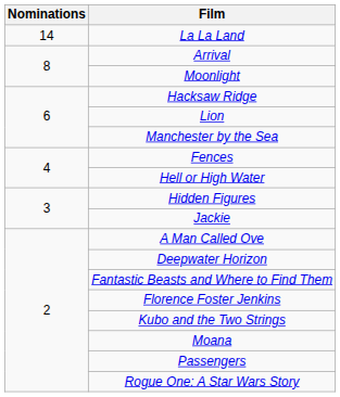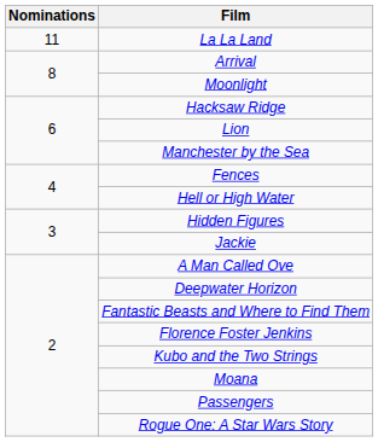 <table class="wikitable plainrowheaders" style="text-align: center;">
 <tr>
 <th scope="col" width="55">Nominations</th>
 <th scope="col" align="center">Film</th>
 </tr>
 <tr>
-<td scope="row" style="text-align:center">14</td>
+<td scope="row" style="text-align:center">11</td>
 <td><em><a href='#'>La La Land</a></em></td>
 </tr>
 <tr>
 <td scope="row" rowspan="2" style="text-align:center;">8</td>
 <td><em><a href='#'>Arrival</a></em></td>
 </tr>
 <tr>
 <td><em><a href='#'>Moonlight</a></em></td>
 </tr>
 <tr>
 <td scope="row" rowspan="3" style="text-align:center;">6</td>
 <td><em><a href='#'>Hacksaw Ridge</a></em></td>
 </tr>
 <tr>
 <td><em><a href='#'>Lion</a></em></td>
 </tr>
 <tr>
 <td><em><a href='#'>Manchester by the Sea</a></em></td>
 </tr>
 <tr>
 <td scope="row" rowspan="2" style="text-align:center;">4</td>
 <td><em><a href='#'>Fences</a></em></td>
 </tr>
 <tr>
 <td><em><a href='#'>Hell or High Water</a></em></td>
 </tr>
 <tr>
 <td scope="row" rowspan="2" style="text-align:center;">3</td>
 <td><em><a href='#'>Hidden Figures</a></em></td>
 </tr>
 <tr>
 <td><em><a href='#'>Jackie</a></em></td>
 </tr>
 <tr>
 <td scope="row" rowspan="8" style="text-align:center;">2</td>
 <td><em><a href='#'>A Man Called Ove</a></em></td>
 </tr>
 <tr>
 <td><em><a href='#'>Deepwater Horizon</a></em></td>
 </tr>
 <tr>
 <td><em><a href='#'>Fantastic Beasts and Where to Find Them</a></em></td>
 </tr>
 <tr>
 <td><em><a href='#'>Florence Foster Jenkins</a></em></td>
 </tr>
 <tr>
 <td><em><a href='#'>Kubo and the Two Strings</a></em></td>
 </tr>
 <tr>
 <td><em><a href='#'>Moana</a></em></td>
 </tr>
 <tr>
 <td><em><a href='#'>Passengers</a></em></td>
 </tr>
 <tr>
 <td><em><a href='#'>Rogue One: A Star Wars Story</a></em></td>
 </tr>
 </table>
